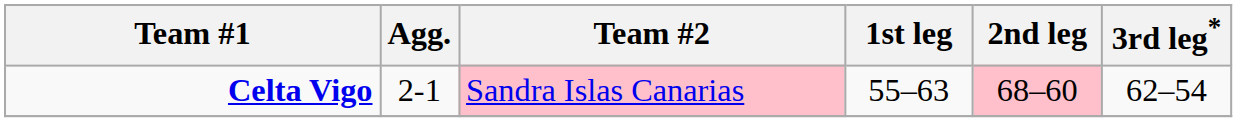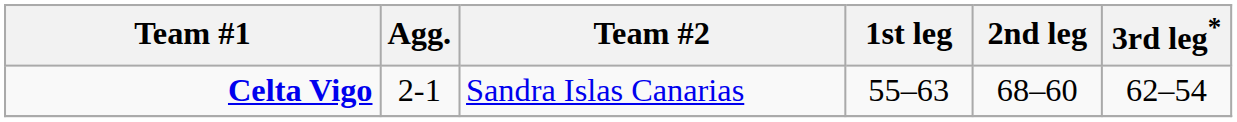 <table class=wikitable style="text-align:center">
 <tr>
 <th width=240>Team #1</th>
 <th width=20>Agg.</th>
 <th width=240>Team #2</th>
 <th width=70>1st leg</th>
 <th width=70>2nd leg</th>
 <th width=70>3rd leg<sup>*</sup></th>
 </tr>
 <tr>
 <td align=right><strong><a href='#'>Celta Vigo</a></strong></td>
 <td>2-1</td>
-<td align=left style="background: pink;"><a href='#'>Sandra Islas Canarias</a></td>
+<td align=left><a href='#'>Sandra Islas Canarias</a></td>
 <td>55–63</td>
-<td style="background: pink;">68–60</td>
+<td>68–60</td>
 <td>62–54</td>
 </tr>
 <tr>
 </tr>
 </table>
